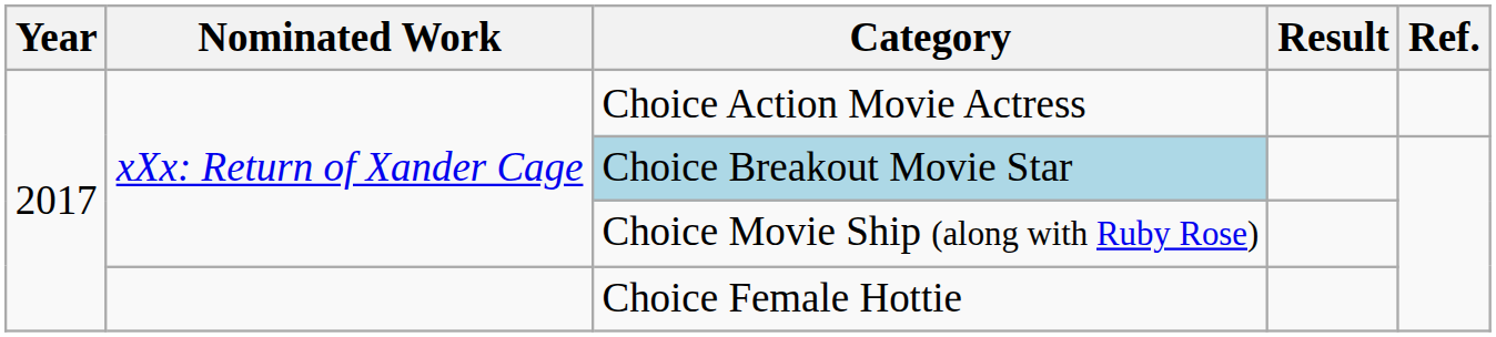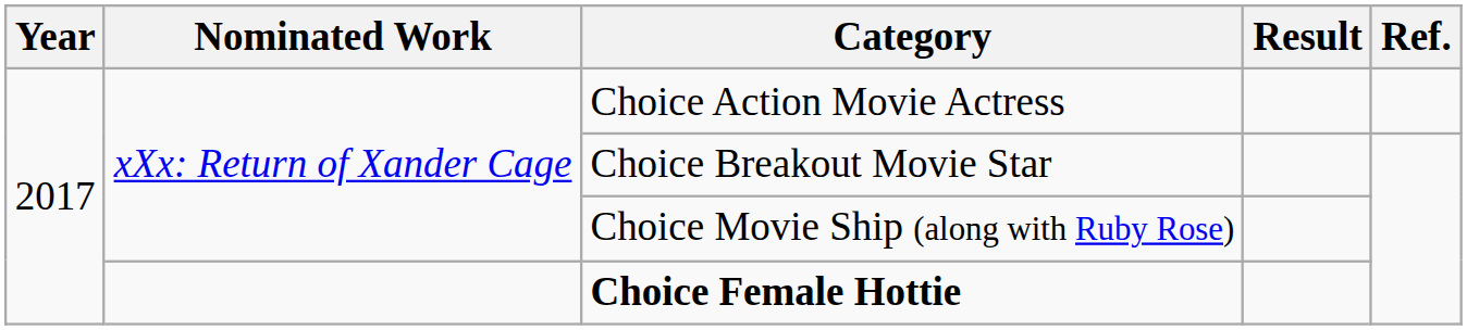 <table class="wikitable">
 <tr>
 <th>Year</th>
 <th>Nominated Work</th>
 <th>Category</th>
 <th>Result</th>
 <th>Ref.</th>
 </tr>
 <tr>
 <td rowspan="4">2017</td>
 <td rowspan="3"><em><a href='#'>xXx: Return of Xander Cage</a></em></td>
 <td>Choice Action Movie Actress</td>
 <td></td>
 <td></td>
 </tr>
 <tr>
-<td style="background: lightblue;">Choice Breakout Movie Star</td>
+<td>Choice Breakout Movie Star</td>
 <td></td>
 <td rowspan="3"></td>
 </tr>
 <tr>
 <td>Choice Movie Ship <small>(along with <a href='#'>Ruby Rose</a>)</small></td>
 <td></td>
 </tr>
 <tr>
 <td></td>
-<td>Choice Female Hottie</td>
+<td><strong>Choice Female Hottie</strong></td>
 <td></td>
 </tr>
 </table>
